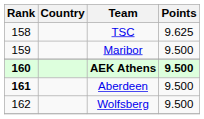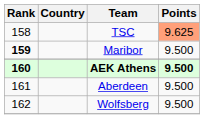 <table class="wikitable" style="text-align: center;">
 <tr>
 <th>Rank</th>
 <th>Country</th>
 <th>Team</th>
 <th>Points</th>
 </tr>
 <tr>
 <td>158</td>
 <td></td>
 <td><a href='#'>TSC</a></td>
-<td>9.625</td>
+<td style="background: lightsalmon;">9.625</td>
 </tr>
 <tr>
-<td>159</td>
+<td><strong>159</strong></td>
 <td></td>
 <td><a href='#'>Maribor</a></td>
 <td>9.500</td>
 </tr>
 <tr>
 </tr>
 <tr style="background:#dfd;">
 <td><strong>160</strong></td>
 <td></td>
 <td><strong>AEK Athens</strong></td>
 <td><strong>9.500</strong></td>
 </tr>
 <tr>
-<td><strong>161</strong></td>
+<td>161</td>
 <td></td>
 <td><a href='#'>Aberdeen</a></td>
 <td>9.500</td>
 </tr>
 <tr>
 <td>162</td>
 <td></td>
 <td><a href='#'>Wolfsberg</a></td>
 <td>9.500</td>
 </tr>
 <tr>
 </tr>
 </table>
